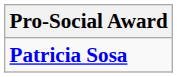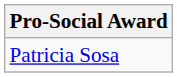 <table class="wikitable">
 <tr>
 <th>Pro-Social Award</th>
 </tr>
 <tr>
-<td><strong><a href='#'>Patricia Sosa</a></strong></td>
+<td><a href='#'>Patricia Sosa</a></td>
 </tr>
 </table>
